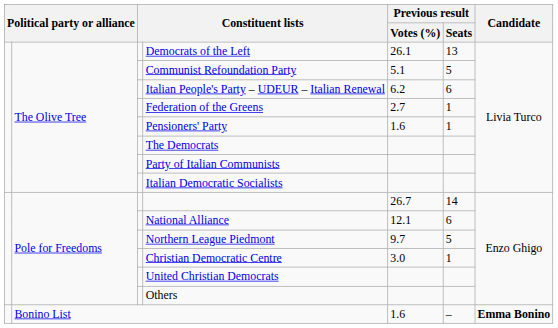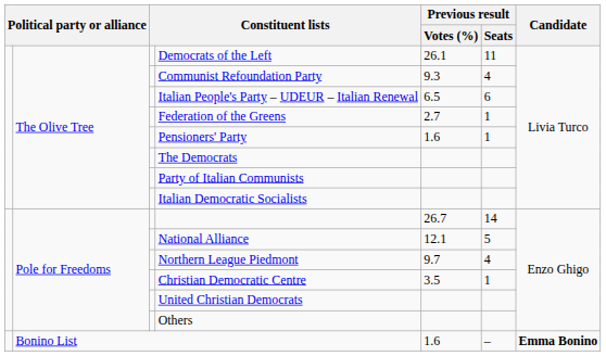 <table class="wikitable" style="text-align:left">
 <tr>
 <th colspan=2 rowspan="2">Political party or alliance</th>
 <th colspan=2 rowspan="2">Constituent lists</th>
 <th colspan="2">Previous result</th>
 <th rowspan="2">Candidate</th>
 </tr>
 <tr>
 <th>Votes (%)</th>
 <th>Seats</th>
 </tr>
 <tr>
 <td rowspan="8"></td>
 <td rowspan="8"><a href='#'>The Olive Tree</a></td>
 <td></td>
 <td style="text-align:left;"><a href='#'>Democrats of the Left</a></td>
 <td>26.1</td>
-<td>13</td>
+<td>11</td>
 <td rowspan="8" style="text-align: center;">Livia Turco</td>
 </tr>
 <tr>
 <td></td>
 <td><a href='#'>Communist Refoundation Party</a></td>
-<td>5.1</td>
-<td>5</td>
+<td>9.3</td>
+<td>4</td>
 </tr>
 <tr>
 <td></td>
 <td><a href='#'>Italian People's Party</a> – <a href='#'>UDEUR</a> – <a href='#'>Italian Renewal</a></td>
-<td>6.2</td>
+<td>6.5</td>
 <td>6</td>
 </tr>
 <tr>
 <td></td>
 <td><a href='#'>Federation of the Greens</a></td>
 <td>2.7</td>
 <td>1</td>
 </tr>
 <tr>
 <td></td>
 <td><a href='#'>Pensioners' Party</a></td>
 <td>1.6</td>
 <td>1</td>
 </tr>
 <tr>
 <td></td>
 <td><a href='#'>The Democrats</a></td>
 <td></td>
 <td></td>
 </tr>
 <tr>
 <td></td>
 <td><a href='#'>Party of Italian Communists</a></td>
 <td></td>
 <td></td>
 </tr>
 <tr>
 <td></td>
 <td><a href='#'>Italian Democratic Socialists</a></td>
 <td></td>
 <td></td>
 </tr>
 <tr>
 <td rowspan="6" style="background:"></td>
 <td rowspan=6><a href='#'>Pole for Freedoms</a></td>
 <td></td>
 <td style="text-align:left;"></td>
 <td>26.7</td>
 <td>14</td>
 <td rowspan="6" style="text-align: center;">Enzo Ghigo</td>
 </tr>
 <tr>
 <td></td>
 <td style="text-align:left;"><a href='#'>National Alliance</a></td>
 <td>12.1</td>
-<td>6</td>
+<td>5</td>
 </tr>
 <tr>
 <td></td>
 <td><a href='#'>Northern League Piedmont</a></td>
 <td>9.7</td>
-<td>5</td>
+<td>4</td>
 </tr>
 <tr>
 <td></td>
 <td style="text-align:left;"><a href='#'>Christian Democratic Centre</a></td>
-<td>3.0</td>
+<td>3.5</td>
 <td>1</td>
 </tr>
 <tr>
 <td></td>
 <td style="text-align:left;"><a href='#'>United Christian Democrats</a></td>
 <td></td>
 <td></td>
 </tr>
 <tr>
 <td></td>
 <td style="text-align:left;">Others</td>
 <td></td>
 <td></td>
 </tr>
 <tr>
 <td></td>
 <td colspan="3"><a href='#'>Bonino List</a></td>
 <td>1.6</td>
 <td>–</td>
 <td style="text-align: center;"><strong>Emma Bonino</strong></td>
 </tr>
 </table>
